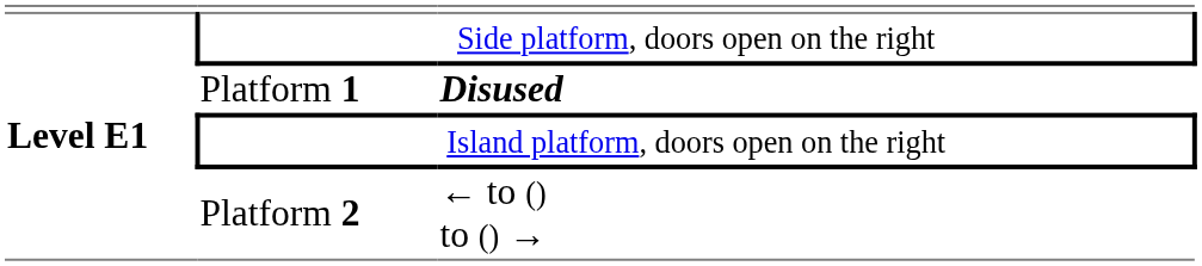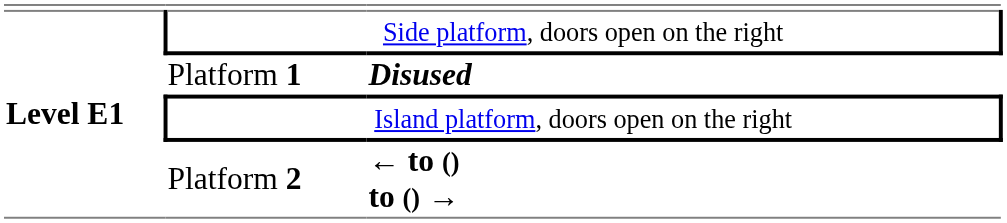 <table style="border-collapse:collapse">
 <tr style="border-top:1px solid grey">
 <td style="width:80px"><strong></strong></td>
 <td style="width:100px"></td>
 <td style="width:320px"></td>
 </tr>
 <tr style="border-top:1px solid grey">
 <td rowspan=4><strong>Level E1</strong></td>
 <td colspan=2 style="border:solid;border-width:0 2px 2px;text-align:center"><small><a href='#'>Side platform</a>, doors open on the right</small></td>
 </tr>
 <tr>
 <td>Platform <strong>1</strong></td>
 <td><strong> <em>Disused</em></strong></td>
 </tr>
 <tr>
 <td colspan=2 style="border:2px solid;text-align:center"><small><a href='#'>Island platform</a>, doors open on the right</small></td>
 </tr>
 <tr style="border:solid grey;border-width:1px 0">
 <td>Platform <strong>2</strong></td>
-<td>←  to  <small>()</small><br>  to  <small>()</small> →</td>
+<td><strong>←  to  <small>()</small><br>  to  <small>()</small> →</strong></td>
 </tr>
 </table>
